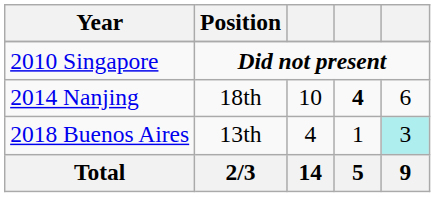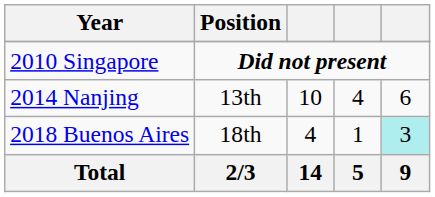 <table class="wikitable" style="text-align: center;">
 <tr>
 <th>Year</th>
 <th>Position</th>
 <th width=25px></th>
 <th width=25px></th>
 <th width=25px></th>
 </tr>
 <tr bgcolor="#FFD700">
 </tr>
 <tr>
 <td style="text-align: left;"> <a href='#'>2010 Singapore</a></td>
 <td rowspan="1" colspan="4" style="text-align:center;"><strong><em>Did not present</em></strong></td>
 </tr>
 <tr>
 <td style="text-align: left;"> <a href='#'>2014 Nanjing</a></td>
-<td>18th</td>
+<td>13th</td>
 <td>10</td>
-<td><strong>4</strong></td>
+<td>4</td>
 <td>6</td>
 </tr>
 <tr>
 <td style="text-align: left;"> <a href='#'>2018 Buenos Aires</a></td>
-<td>13th</td>
+<td>18th</td>
 <td>4</td>
 <td>1</td>
 <td style="background: paleturquoise;">3</td>
 </tr>
 <tr>
 <th>Total</th>
 <th>2/3</th>
 <th>14</th>
 <th>5</th>
 <th>9</th>
 </tr>
 </table>
